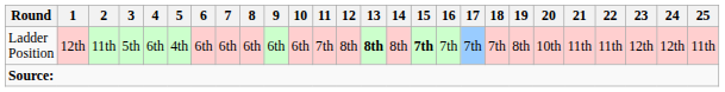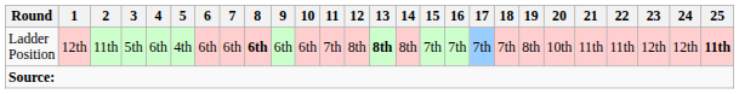 <table class="wikitable">
 <tr>
 <th>Round</th>
 <th>1</th>
 <th>2</th>
 <th>3</th>
 <th>4</th>
 <th>5</th>
 <th>6</th>
 <th>7</th>
 <th>8</th>
 <th>9</th>
 <th>10</th>
 <th>11</th>
 <th>12</th>
 <th>13</th>
 <th>14</th>
 <th>15</th>
 <th>16</th>
 <th>17</th>
 <th>18</th>
 <th>19</th>
 <th>20</th>
 <th>21</th>
 <th>22</th>
 <th>23</th>
 <th>24</th>
 <th>25</th>
 </tr>
 <tr>
 <td>Ladder Position</td>
 <td style="background:#FFCFCF">12th</td>
 <td style="background:#cfc;">11th</td>
 <td style="background:#cfc;">5th</td>
 <td style="background:#cfc;">6th</td>
 <td style="background:#cfc;">4th</td>
 <td style="background:#FFCFCF">6th</td>
 <td style="background:#FFCFCF">6th</td>
-<td style="background:#FFCFCF">6th</td>
+<td style="background:#FFCFCF"><strong>6th</strong></td>
 <td style="background:#cfc;">6th</td>
 <td style="background:#FFCFCF">6th</td>
 <td style="background:#FFCFCF">7th</td>
 <td style="background:#FFCFCF">8th</td>
 <td style="background:#cfc;"><strong>8th</strong></td>
 <td style="background:#FFCFCF">8th</td>
-<td style="background:#cfc;"><strong>7th</strong></td>
+<td style="background:#cfc;">7th</td>
 <td style="background:#cfc;">7th</td>
 <td style="background:#99ccff;">7th</td>
 <td style="background:#FFCFCF">7th</td>
 <td style="background:#FFCFCF">8th</td>
 <td style="background:#FFCFCF">10th</td>
 <td style="background:#FFCFCF">11th</td>
 <td style="background:#FFCFCF">11th</td>
 <td style="background:#FFCFCF">12th</td>
 <td style="background:#FFCFCF">12th</td>
-<td style="background:#FFCFCF">11th</td>
+<td style="background:#FFCFCF"><strong>11th</strong></td>
 </tr>
 <tr>
 <td colspan="26"><strong>Source:</strong></td>
 </tr>
 </table>
